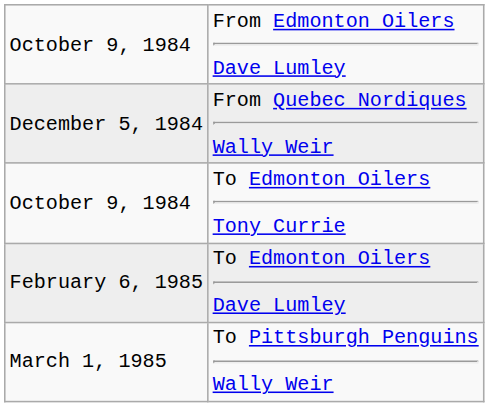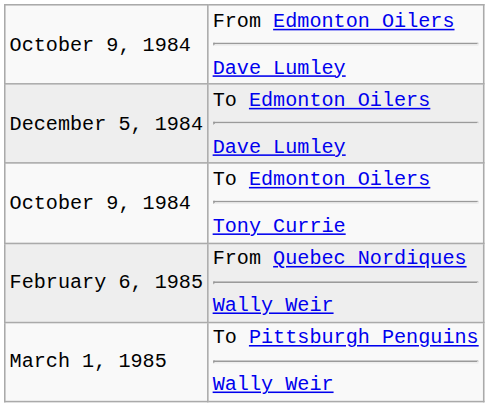 <table class="wikitable">
 <tr>
 <td>October 9, 1984</td>
 <td valign="top">From <a href='#'>Edmonton Oilers</a><hr><a href='#'>Dave Lumley</a></td>
 </tr>
 <tr style="background:#eee;">
 <td>December 5, 1984</td>
-<td valign="top">From <a href='#'>Quebec Nordiques</a><hr><a href='#'>Wally Weir</a></td>
+<td valign="top">To <a href='#'>Edmonton Oilers</a><hr><a href='#'>Dave Lumley</a></td>
 </tr>
 <tr>
 <td>October 9, 1984</td>
 <td valign="top">To <a href='#'>Edmonton Oilers</a><hr><a href='#'>Tony Currie</a></td>
 </tr>
 <tr style="background:#eee;">
 <td>February 6, 1985</td>
-<td valign="top">To <a href='#'>Edmonton Oilers</a><hr><a href='#'>Dave Lumley</a></td>
+<td valign="top">From <a href='#'>Quebec Nordiques</a><hr><a href='#'>Wally Weir</a></td>
 </tr>
 <tr>
 <td>March 1, 1985</td>
 <td valign="top">To <a href='#'>Pittsburgh Penguins</a><hr><a href='#'>Wally Weir</a></td>
 </tr>
 </table>
